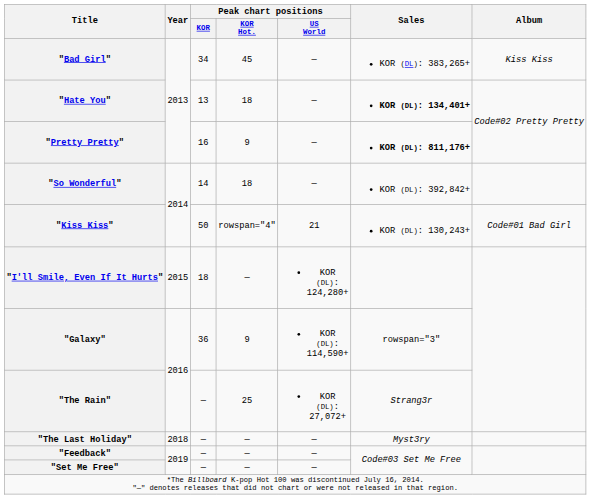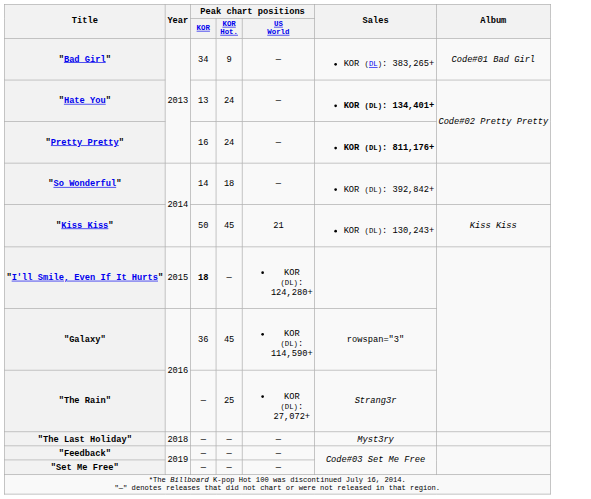 <table class="wikitable plainrowheaders" style="text-align:center;">
 <tr>
 <th scope="col" rowspan="2">Title</th>
 <th scope="col" rowspan="2">Year</th>
 <th scope="col" colspan="3">Peak chart positions</th>
 <th scope="col" rowspan="2">Sales</th>
 <th scope="col" rowspan="2">Album</th>
 </tr>
 <tr>
 <th scope="col" style="width:3em;font-size:85%;"><a href='#'>KOR</a><br></th>
 <th scope="col" style="width:3em;font-size:85%;"><a href='#'>KOR<br><span>Hot.</span></a><br></th>
 <th scope="col" style="width:3em;font-size:85%;"><a href='#'>US<br><span>World</span></a><br></th>
 </tr>
 <tr>
 <th scope="row">"<a href='#'>Bad Girl</a>" </th>
 <td rowspan="3">2013</td>
 <td>34</td>
-<td>45</td>
+<td>9</td>
 <td>—</td>
 <td><br><ul><li>KOR <small>(<a href='#'>DL</a>)</small>: 383,265+</li></ul></td>
-<td><em>Kiss Kiss</em></td>
+<td><em>Code#01 Bad Girl</em></td>
 </tr>
 <tr>
 <th scope="row">"<a href='#'>Hate You</a>"</th>
 <td>13</td>
-<td>18</td>
+<td>24</td>
 <td>—</td>
 <td><strong><br><ul><li>KOR <small>(DL)</small>: 134,401+</li></ul></strong></td>
 <td rowspan="2"><em>Code#02 Pretty Pretty</em></td>
 </tr>
 <tr>
 <th scope="row">"<a href='#'>Pretty Pretty</a>" </th>
 <td>16</td>
-<td>9</td>
+<td>24</td>
 <td>—</td>
 <td><strong><br><ul><li>KOR <small>(DL)</small>: 811,176+</li></ul></strong></td>
 </tr>
 <tr>
 <th scope="row">"<a href='#'>So Wonderful</a>"</th>
 <td rowspan="2">2014</td>
 <td>14</td>
 <td>18</td>
 <td>—</td>
 <td><br><ul><li>KOR <small>(DL)</small>: 392,842+</li></ul></td>
 <td></td>
 </tr>
 <tr>
 <th scope="row">"<a href='#'>Kiss Kiss</a>"</th>
 <td>50</td>
-<td>rowspan="4" </td>
+<td>45</td>
 <td>21</td>
 <td><br><ul><li>KOR <small>(DL)</small>: 130,243+</li></ul></td>
-<td><em>Code#01 Bad Girl</em></td>
+<td><em>Kiss Kiss</em></td>
 </tr>
 <tr>
 <th scope="row">"<a href='#'>I'll Smile, Even If It Hurts</a>" </th>
 <td>2015</td>
-<td>18</td>
+<td><strong>18</strong></td>
 <td>—</td>
 <td><br><ul><li>KOR <small>(DL)</small>: 124,280+</li></ul></td>
 <td></td>
 </tr>
 <tr>
 <th scope="row">"Galaxy"</th>
 <td rowspan="2">2016</td>
 <td>36</td>
-<td>9</td>
+<td>45</td>
 <td><br><ul><li>KOR <small>(DL)</small>: 114,590+</li></ul></td>
 <td>rowspan="3" </td>
 </tr>
 <tr>
 <th scope="row">"The Rain"</th>
 <td>—</td>
 <td>25</td>
 <td><br><ul><li>KOR <small>(DL)</small>: 27,072+</li></ul></td>
 <td><em>Strang3r</em></td>
 </tr>
 <tr>
 <th scope="row">"The Last Holiday"</th>
 <td>2018</td>
 <td>—</td>
 <td>—</td>
 <td>—</td>
 <td><em>Myst3ry</em></td>
 <td></td>
 </tr>
 <tr>
 <th scope="row">"Feedback" </th>
 <td rowspan="2">2019</td>
 <td>—</td>
 <td>—</td>
 <td>—</td>
 <td rowspan="2"><em>Code#03 Set Me Free</em></td>
 </tr>
 <tr>
 <th scope="row">"Set Me Free"</th>
 <td>—</td>
 <td>—</td>
 <td>—</td>
 </tr>
 <tr>
 <td colspan="7" style="font-size:8pt;">*The <em>Billboard</em> K-pop Hot 100 was discontinued July 16, 2014.<br>"—" denotes releases that did not chart or were not released in that region.</td>
 </tr>
 </table>
